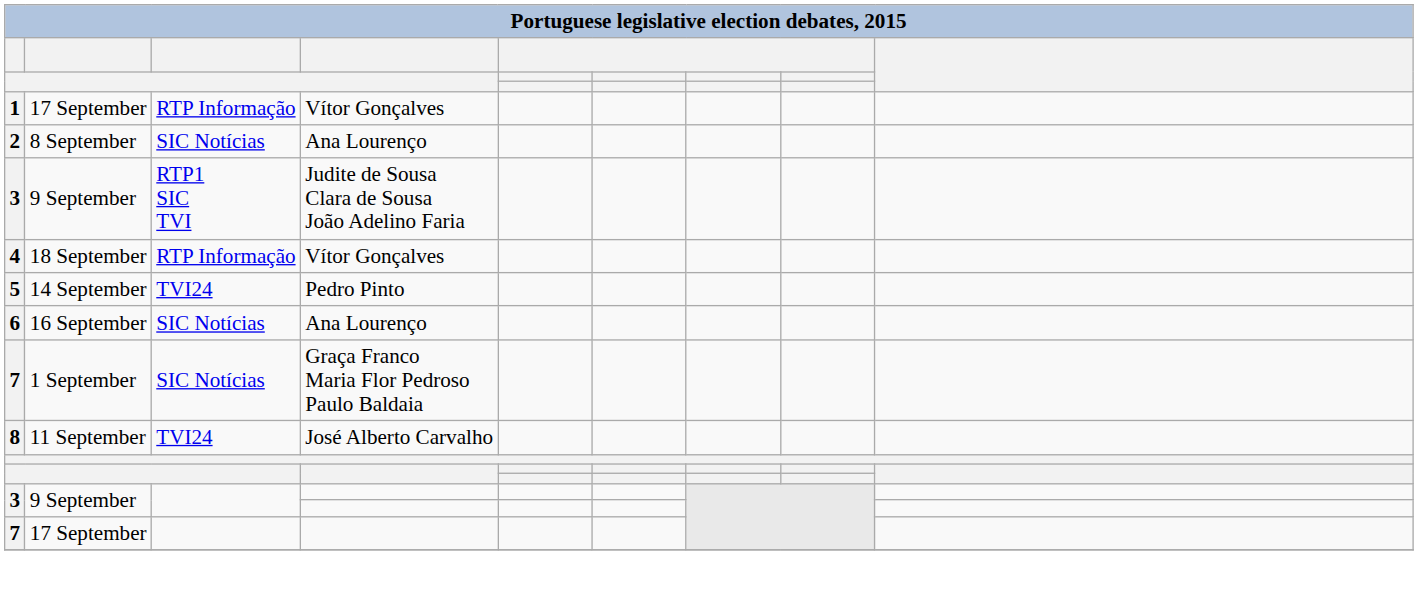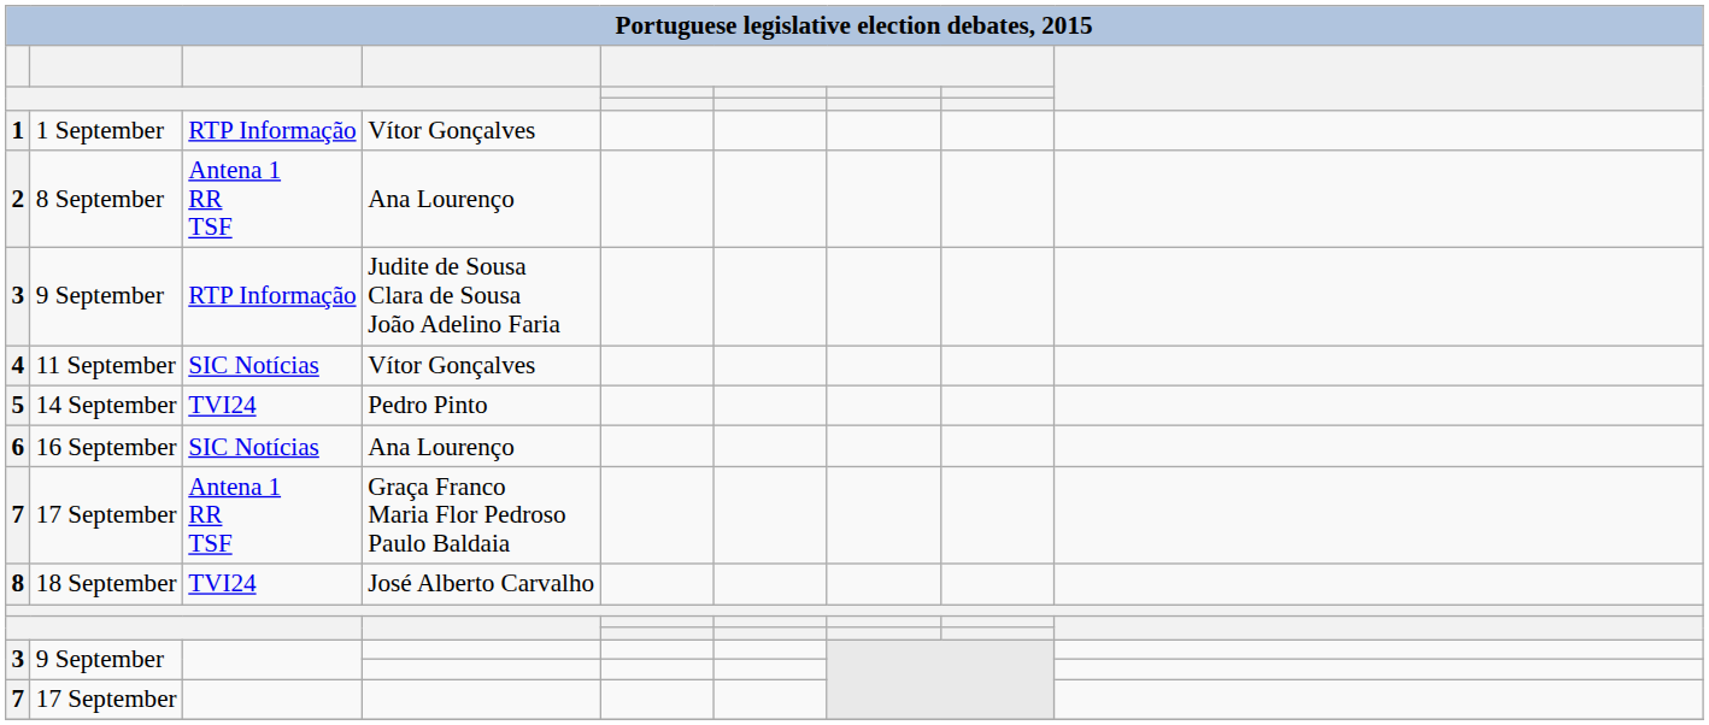 <table class="wikitable" style="font-size:100%">
 <tr>
 <th style="background:#B0C4DE" colspan="16">Portuguese legislative election debates, 2015</th>
 </tr>
 <tr>
 <th style="white-space:nowrap;"> </th>
 <th></th>
 <th></th>
 <th></th>
 <th scope="col" colspan="4"></th>
 <th width="400px" rowspan="3"></th>
 </tr>
 <tr>
 <th rowspan="2" colspan="4">   </th>
 <th scope="col" style="width:4em;"></th>
 <th scope="col" style="width:4em;"></th>
 <th scope="col" style="width:4em;"></th>
 <th scope="col" style="width:4em;"></th>
 </tr>
 <tr>
 <th style="background:"></th>
 <th style="background:"></th>
 <th style="background:"></th>
 <th style="background:"></th>
 </tr>
 <tr>
 <th>1</th>
-<td style="white-space:nowrap;">17 September</td>
+<td style="white-space:nowrap;">1 September</td>
 <td style="white-space:nowrap;"><a href='#'>RTP Informação</a></td>
 <td style="white-space:nowrap;">Vítor Gonçalves</td>
 <td></td>
 <td></td>
 <td></td>
 <td></td>
 <td></td>
 </tr>
 <tr>
 <th>2</th>
 <td style="white-space:nowrap;">8 September</td>
-<td style="white-space:nowrap;"><a href='#'>SIC Notícias</a></td>
+<td style="white-space:nowrap;"><a href='#'>Antena 1</a><br><a href='#'>RR</a><br><a href='#'>TSF</a></td>
 <td style="white-space:nowrap;">Ana Lourenço</td>
 <td></td>
 <td></td>
 <td></td>
 <td></td>
 <td></td>
 </tr>
 <tr>
 <th>3</th>
 <td style="white-space:nowrap;">9 September</td>
-<td style="white-space:nowrap;"><a href='#'>RTP1</a><br><a href='#'>SIC</a><br><a href='#'>TVI</a></td>
+<td style="white-space:nowrap;"><a href='#'>RTP Informação</a></td>
 <td style="white-space:nowrap;">Judite de Sousa<br>Clara de Sousa<br>João Adelino Faria</td>
 <td></td>
 <td></td>
 <td></td>
 <td></td>
 <td></td>
 </tr>
 <tr>
 <th>4</th>
-<td style="white-space:nowrap;">18 September</td>
-<td style="white-space:nowrap;"><a href='#'>RTP Informação</a></td>
+<td style="white-space:nowrap;">11 September</td>
+<td style="white-space:nowrap;"><a href='#'>SIC Notícias</a></td>
 <td style="white-space:nowrap;">Vítor Gonçalves</td>
 <td></td>
 <td></td>
 <td></td>
 <td></td>
 <td></td>
 </tr>
 <tr>
 <th>5</th>
 <td style="white-space:nowrap;">14 September</td>
 <td style="white-space:nowrap;"><a href='#'>TVI24</a></td>
 <td style="white-space:nowrap;">Pedro Pinto</td>
 <td></td>
 <td></td>
 <td></td>
 <td></td>
 <td></td>
 </tr>
 <tr>
 <th>6</th>
 <td style="white-space:nowrap;">16 September</td>
 <td style="white-space:nowrap;"><a href='#'>SIC Notícias</a></td>
 <td style="white-space:nowrap;">Ana Lourenço</td>
 <td></td>
 <td></td>
 <td></td>
 <td></td>
 <td></td>
 </tr>
 <tr>
 <th>7</th>
-<td style="white-space:nowrap;">1 September</td>
-<td style="white-space:nowrap;"><a href='#'>SIC Notícias</a></td>
+<td style="white-space:nowrap;">17 September</td>
+<td style="white-space:nowrap;"><a href='#'>Antena 1</a><br><a href='#'>RR</a><br><a href='#'>TSF</a></td>
 <td style="white-space:nowrap;">Graça Franco<br>Maria Flor Pedroso<br>Paulo Baldaia</td>
 <td></td>
 <td></td>
 <td></td>
 <td></td>
 <td></td>
 </tr>
 <tr>
 <th>8</th>
-<td style="white-space:nowrap;">11 September</td>
+<td style="white-space:nowrap;">18 September</td>
 <td style="white-space:nowrap;"><a href='#'>TVI24</a></td>
 <td style="white-space:nowrap;">José Alberto Carvalho</td>
 <td></td>
 <td></td>
 <td></td>
 <td></td>
 <td></td>
 </tr>
 <tr>
 <th colspan="9"></th>
 </tr>
 <tr>
 <th rowspan="2" colspan="3"></th>
 <th rowspan="2"></th>
 <th scope="col" style="width:4em;"></th>
 <th scope="col" style="width:4em;"></th>
 <th scope="col" style="width:4em;"></th>
 <th scope="col" style="width:4em;"></th>
 <th rowspan="2"></th>
 </tr>
 <tr>
 <th style="background:"></th>
 <th style="background:"></th>
 <th style="background:"></th>
 <th style="background:"></th>
 </tr>
 <tr>
 <th rowspan="2">3</th>
 <td rowspan="2" style="white-space:nowrap;">9 September</td>
 <td rowspan="2" style="white-space:nowrap;"></td>
 <td></td>
 <td align=center></td>
 <td align=center ></td>
 <td rowspan="3" colspan="2" style="background:#E9E9E9;"></td>
 <td></td>
 </tr>
 <tr>
 <td></td>
 <td align=center></td>
 <td align=center ></td>
 <td></td>
 </tr>
 <tr>
 <th>7</th>
 <td style="white-space:nowrap;">17 September</td>
 <td style="white-space:nowrap;"></td>
 <td></td>
 <td align=center ></td>
 <td align=center></td>
 <td></td>
 </tr>
 <tr>
 </tr>
 </table>
